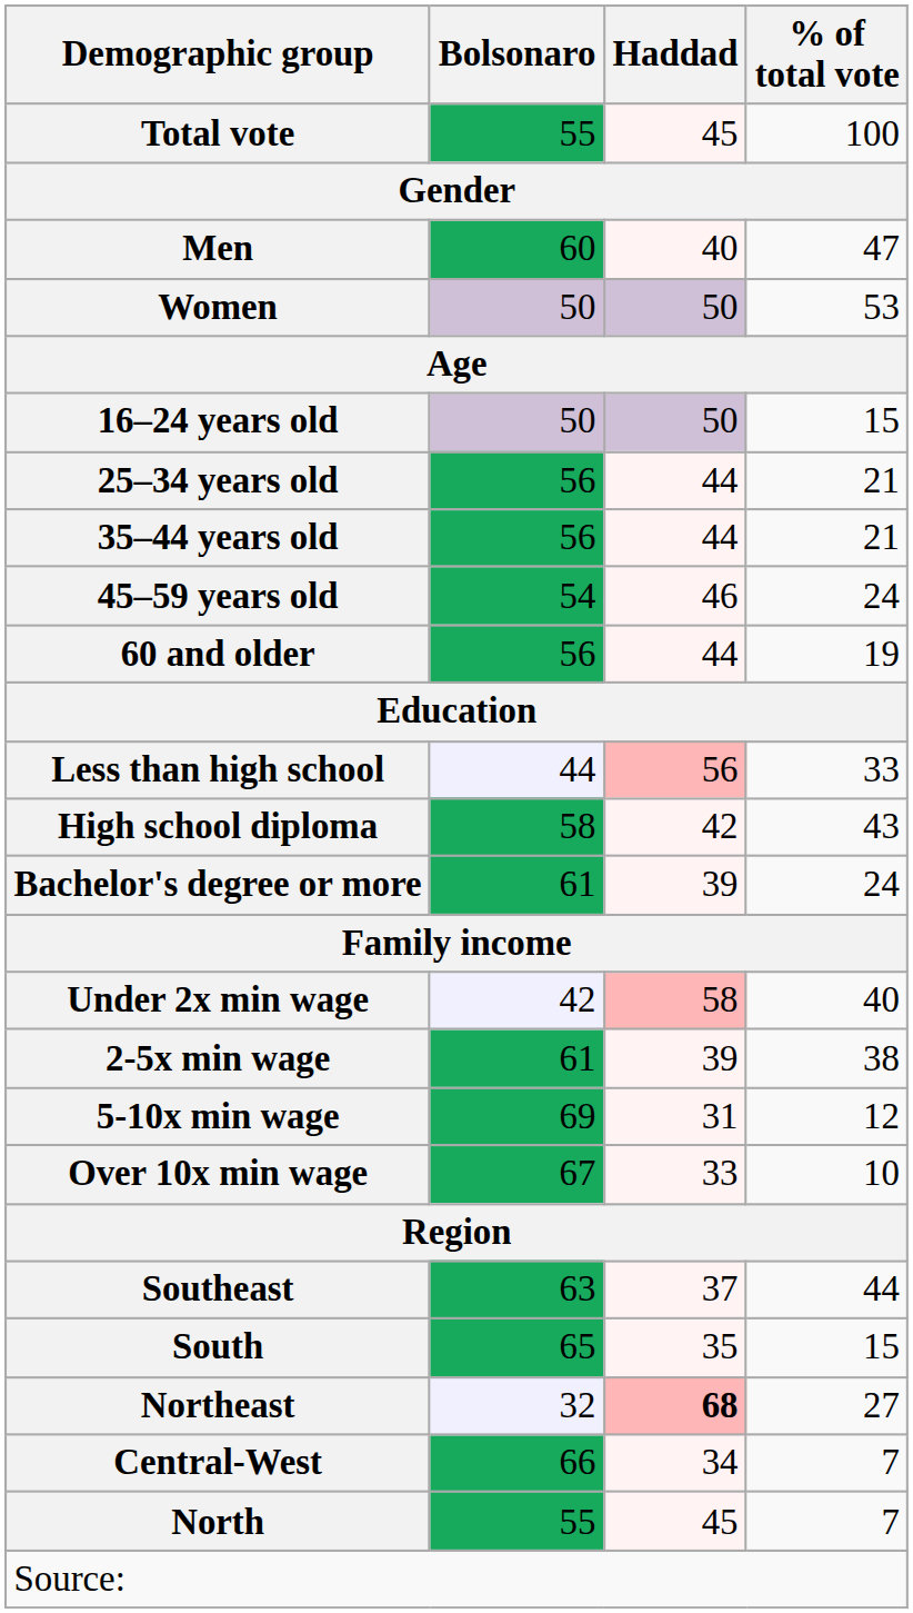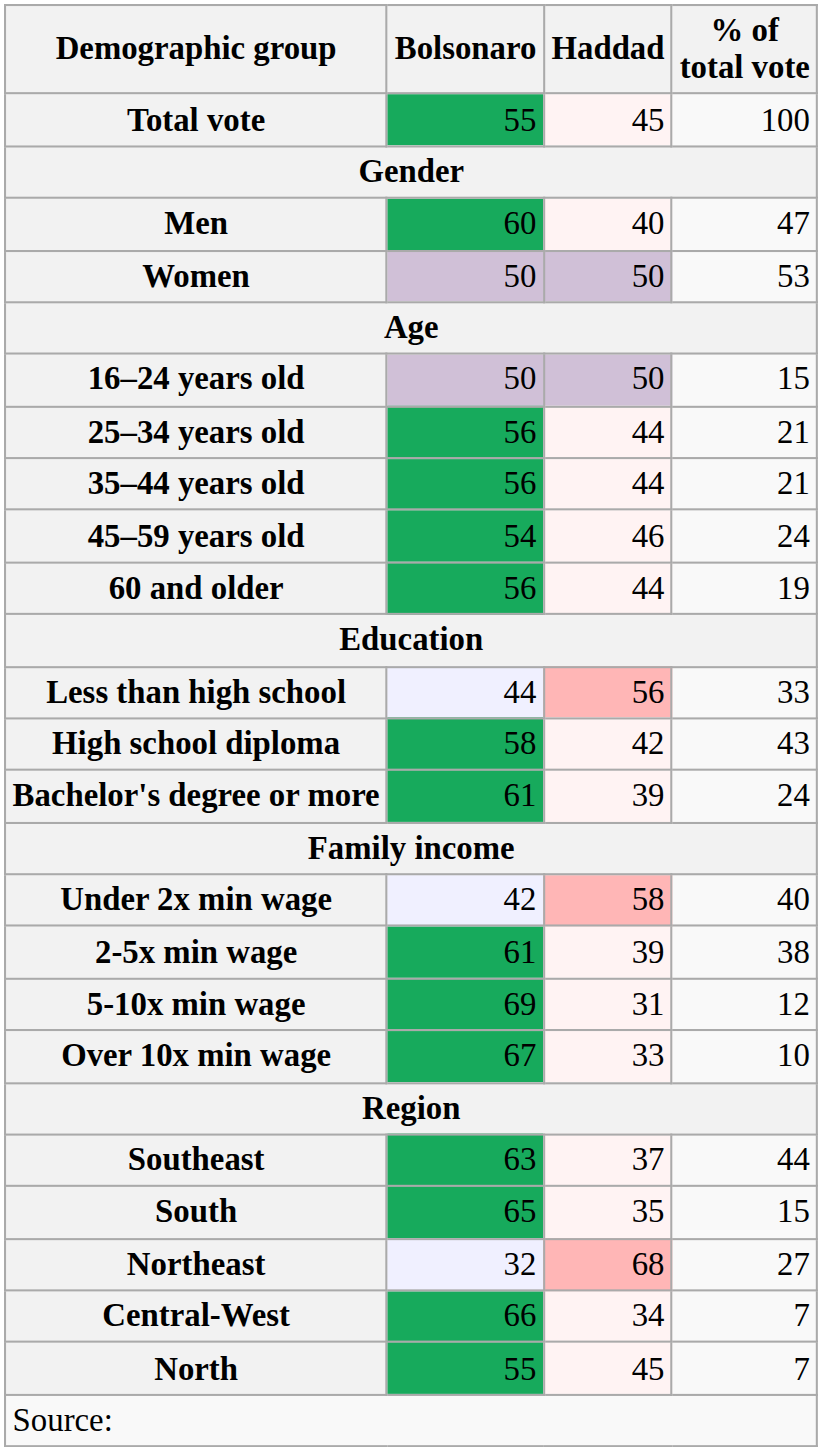 <table class="wikitable plainrowheaders" style="text-align:right;">
 <tr>
 <th scope="col">Demographic group</th>
 <th>Bolsonaro</th>
 <th>Haddad</th>
 <th>% of<br>total vote</th>
 </tr>
 <tr>
 <th scope="row">Total vote</th>
 <td style="background:#17aa5c;">55</td>
 <td style="background:#fff3f3;">45</td>
 <td>100</td>
 </tr>
 <tr>
 <th colspan=5>Gender</th>
 </tr>
 <tr>
 <th scope="row">Men</th>
 <td style="background:#17aa5c;">60</td>
 <td style="background:#fff3f3;">40</td>
 <td>47</td>
 </tr>
 <tr>
 <th scope="row">Women</th>
 <td style="background:#d0c0d7;">50</td>
 <td style="background:#d0c0d7;">50</td>
 <td>53</td>
 </tr>
 <tr>
 <th colspan=5>Age</th>
 </tr>
 <tr>
 <th scope="row">16–24 years old</th>
 <td style="background:#d0c0d7;">50</td>
 <td style="background:#d0c0d7;">50</td>
 <td>15</td>
 </tr>
 <tr>
 <th scope="row">25–34 years old</th>
 <td style="background:#17aa5c;">56</td>
 <td style="background:#fff3f3;">44</td>
 <td>21</td>
 </tr>
 <tr>
 <th scope="row">35–44 years old</th>
 <td style="background:#17aa5c;">56</td>
 <td style="background:#fff3f3;">44</td>
 <td>21</td>
 </tr>
 <tr>
 <th scope="row">45–59 years old</th>
 <td style="background:#17aa5c;">54</td>
 <td style="background:#fff3f3;">46</td>
 <td>24</td>
 </tr>
 <tr>
 <th scope="row">60 and older</th>
 <td style="background:#17aa5c;">56</td>
 <td style="background:#fff3f3;">44</td>
 <td>19</td>
 </tr>
 <tr>
 <th colspan=5>Education</th>
 </tr>
 <tr>
 <th scope="row">Less than high school</th>
 <td style="background:#f0f0ff;">44</td>
 <td style="background:#ffb6b6;">56</td>
 <td>33</td>
 </tr>
 <tr>
 <th scope="row">High school diploma</th>
 <td style="background:#17aa5c;">58</td>
 <td style="background:#fff3f3;">42</td>
 <td>43</td>
 </tr>
 <tr>
 <th scope="row">Bachelor's degree or more</th>
 <td style="background:#17aa5c;">61</td>
 <td style="background:#fff3f3;">39</td>
 <td>24</td>
 </tr>
 <tr>
 <th colspan=5>Family income</th>
 </tr>
 <tr>
 <th scope="row">Under 2x min wage</th>
 <td style="background:#f0f0ff;">42</td>
 <td style="background:#ffb6b6;">58</td>
 <td>40</td>
 </tr>
 <tr>
 <th scope="row">2-5x min wage</th>
 <td style="background:#17aa5c;">61</td>
 <td style="background:#fff3f3;">39</td>
 <td>38</td>
 </tr>
 <tr>
 <th scope="row">5-10x min wage</th>
 <td style="background:#17aa5c;">69</td>
 <td style="background:#fff3f3;">31</td>
 <td>12</td>
 </tr>
 <tr>
 <th scope="row">Over 10x min wage</th>
 <td style="background:#17aa5c;">67</td>
 <td style="background:#fff3f3;">33</td>
 <td>10</td>
 </tr>
 <tr>
 <th colspan=5>Region</th>
 </tr>
 <tr>
 <th scope="row">Southeast</th>
 <td style="background:#17aa5c;">63</td>
 <td style="background:#fff3f3;">37</td>
 <td>44</td>
 </tr>
 <tr>
 <th scope="row">South</th>
 <td style="background:#17aa5c;">65</td>
 <td style="background:#fff3f3;">35</td>
 <td>15</td>
 </tr>
 <tr>
 <th scope="row">Northeast</th>
 <td style="background:#f0f0ff;">32</td>
-<td style="background:#ffb6b6;"><strong>68</strong></td>
+<td style="background:#ffb6b6;">68</td>
 <td>27</td>
 </tr>
 <tr>
 <th scope="row">Central-West</th>
 <td style="background:#17aa5c;">66</td>
 <td style="background:#fff3f3;">34</td>
 <td>7</td>
 </tr>
 <tr>
 <th scope="row">North</th>
 <td style="background:#17aa5c;">55</td>
 <td style="background:#fff3f3;">45</td>
 <td>7</td>
 </tr>
 <tr>
 <td align=left colspan=4>Source: </td>
 </tr>
 </table>
